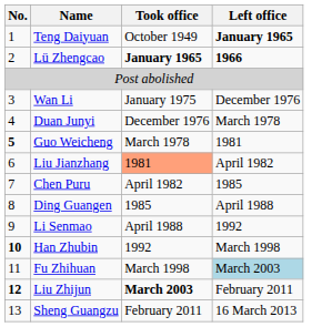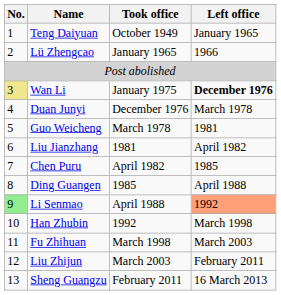 <table class="wikitable">
 <tr>
 <th>No.</th>
 <th>Name</th>
 <th>Took office</th>
 <th>Left office</th>
 </tr>
 <tr>
 <td>1</td>
 <td><a href='#'>Teng Daiyuan</a></td>
 <td>October 1949</td>
-<td><strong>January 1965</strong></td>
+<td>January 1965</td>
 </tr>
 <tr>
 <td>2</td>
 <td><a href='#'>Lü Zhengcao</a></td>
-<td><strong>January 1965</strong></td>
-<td><strong>1966</strong></td>
+<td>January 1965</td>
+<td>1966</td>
 </tr>
 <tr>
 <td colspan="4" align="center" bgcolor="lightgrey"><em>Post abolished</em></td>
 </tr>
 <tr>
-<td>3</td>
+<td style="background: khaki;">3</td>
 <td><a href='#'>Wan Li</a></td>
 <td>January 1975</td>
-<td>December 1976</td>
+<td><strong>December 1976</strong></td>
 </tr>
 <tr>
 <td>4</td>
 <td><a href='#'>Duan Junyi</a></td>
 <td>December 1976</td>
 <td>March 1978</td>
 </tr>
 <tr>
-<td><strong>5</strong></td>
+<td>5</td>
 <td><a href='#'>Guo Weicheng</a></td>
 <td>March 1978</td>
 <td>1981</td>
 </tr>
 <tr>
 <td>6</td>
 <td><a href='#'>Liu Jianzhang</a></td>
-<td style="background: lightsalmon;">1981</td>
+<td>1981</td>
 <td>April 1982</td>
 </tr>
 <tr>
 <td>7</td>
 <td><a href='#'>Chen Puru</a></td>
 <td>April 1982</td>
 <td>1985</td>
 </tr>
 <tr>
 <td>8</td>
 <td><a href='#'>Ding Guangen</a></td>
 <td>1985</td>
 <td>April 1988</td>
 </tr>
 <tr>
-<td>9</td>
+<td style="background: lightgreen;">9</td>
 <td><a href='#'>Li Senmao</a></td>
 <td>April 1988</td>
-<td>1992</td>
+<td style="background: lightsalmon;">1992</td>
 </tr>
 <tr>
-<td><strong>10</strong></td>
+<td>10</td>
 <td><a href='#'>Han Zhubin</a></td>
 <td>1992</td>
 <td>March 1998</td>
 </tr>
 <tr>
 <td>11</td>
 <td><a href='#'>Fu Zhihuan</a></td>
 <td>March 1998</td>
-<td style="background: lightblue;">March 2003</td>
+<td>March 2003</td>
 </tr>
 <tr>
-<td><strong>12</strong></td>
+<td>12</td>
 <td><a href='#'>Liu Zhijun</a></td>
-<td><strong>March 2003</strong></td>
+<td>March 2003</td>
 <td>February 2011</td>
 </tr>
 <tr>
 <td>13</td>
 <td><a href='#'>Sheng Guangzu</a></td>
 <td>February 2011</td>
 <td>16 March 2013</td>
 </tr>
 </table>
